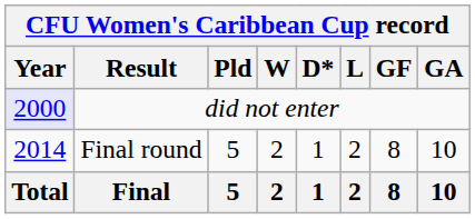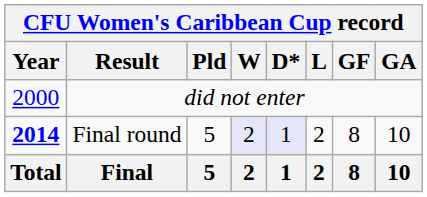 <table class="wikitable" style="text-align: center;">
 <tr>
 <th colspan=8><a href='#'>CFU Women's Caribbean Cup</a> record</th>
 </tr>
 <tr>
 <th>Year</th>
 <th>Result</th>
 <th>Pld</th>
 <th>W</th>
 <th>D*</th>
 <th>L</th>
 <th>GF</th>
 <th>GA</th>
 </tr>
 <tr>
-<td style="background: lavender;"> <a href='#'>2000</a></td>
+<td> <a href='#'>2000</a></td>
 <td colspan=7><em>did not enter</em></td>
 </tr>
 <tr>
-<td> <a href='#'>2014</a></td>
+<td><strong> <a href='#'>2014</a></strong></td>
 <td>Final round</td>
 <td>5</td>
-<td>2</td>
-<td>1</td>
+<td style="background: lavender;">2</td>
+<td style="background: lavender;">1</td>
 <td>2</td>
 <td>8</td>
 <td>10</td>
 </tr>
 <tr>
 <th>Total</th>
 <th>Final</th>
 <th>5</th>
 <th>2</th>
 <th>1</th>
 <th>2</th>
 <th>8</th>
 <th>10</th>
 </tr>
 </table>
